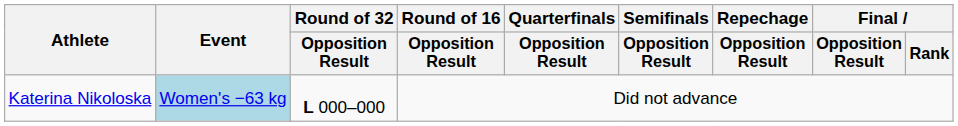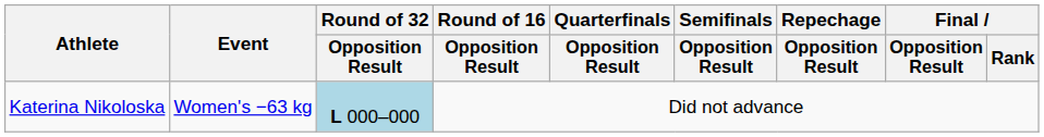 <table class="wikitable" style="font-size:90%">
 <tr>
 <th rowspan=2>Athlete</th>
 <th rowspan=2>Event</th>
 <th>Round of 32</th>
 <th>Round of 16</th>
 <th>Quarterfinals</th>
 <th>Semifinals</th>
 <th>Repechage</th>
 <th colspan=2>Final / </th>
 </tr>
 <tr style="font-size:95%">
 <th>Opposition<br>Result</th>
 <th>Opposition<br>Result</th>
 <th>Opposition<br>Result</th>
 <th>Opposition<br>Result</th>
 <th>Opposition<br>Result</th>
 <th>Opposition<br>Result</th>
 <th>Rank</th>
 </tr>
 <tr align=center>
 <td align=left><a href='#'>Katerina Nikoloska</a></td>
-<td align=left style="background: lightblue;"><a href='#'>Women's −63 kg</a></td>
-<td><br><strong>L</strong> 000–000 </td>
+<td align=left><a href='#'>Women's −63 kg</a></td>
+<td style="background: lightblue;"><br><strong>L</strong> 000–000 </td>
 <td colspan=6>Did not advance</td>
 </tr>
 </table>
